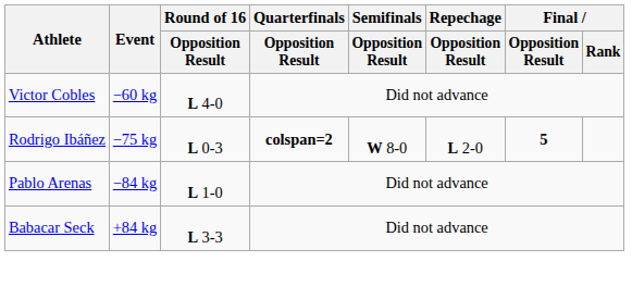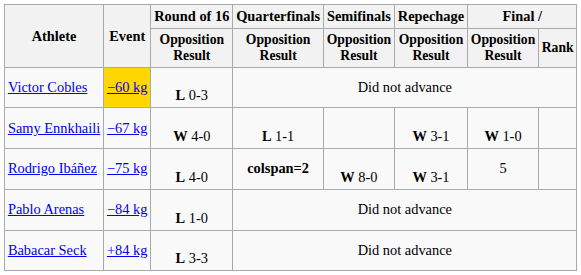 <table class="wikitable" style="font-size:90%">
 <tr>
 <th rowspan="2">Athlete</th>
 <th rowspan="2">Event</th>
 <th>Round of 16</th>
 <th>Quarterfinals</th>
 <th>Semifinals</th>
 <th>Repechage</th>
 <th colspan=2>Final / </th>
 </tr>
 <tr style="font-size:95%">
 <th>Opposition<br>Result</th>
 <th>Opposition<br>Result</th>
 <th>Opposition<br>Result</th>
 <th>Opposition<br>Result</th>
 <th>Opposition<br>Result</th>
 <th>Rank</th>
 </tr>
 <tr align=center>
 <td align=left><a href='#'>Victor Cobles</a></td>
-<td align=left><a href='#'>−60 kg</a></td>
-<td><br><strong>L</strong> 4-0</td>
+<td align=left style="background: gold;"><a href='#'>−60 kg</a></td>
+<td><br><strong>L</strong> 0-3</td>
 <td colspan=5>Did not advance</td>
+</tr>
+<tr align=center>
+<td align=left><a href='#'>Samy Ennkhaili</a></td>
+<td align=left><a href='#'>−67 kg</a></td>
+<td><br><strong>W</strong> 4-0</td>
+<td><br><strong>L</strong> 1-1</td>
+<td></td>
+<td><br><strong>W</strong> 3-1</td>
+<td><br><strong>W</strong> 1-0</td>
+<td></td>
 </tr>
 <tr align=center>
 <td align=left><a href='#'>Rodrigo Ibáñez</a></td>
 <td align=left><a href='#'>−75 kg</a></td>
-<td><br><strong>L</strong> 0-3</td>
+<td><br><strong>L</strong> 4-0</td>
 <td><strong>colspan=2 </strong></td>
 <td><br><strong>W</strong> 8-0</td>
-<td><br><strong>L</strong> 2-0</td>
-<td><strong>5</strong></td>
+<td><br><strong>W</strong> 3-1</td>
+<td>5</td>
 </tr>
 <tr align=center>
 <td align=left><a href='#'>Pablo Arenas</a></td>
 <td align=left><a href='#'>−84 kg</a></td>
 <td><br><strong>L</strong> 1-0</td>
 <td colspan=5>Did not advance</td>
 </tr>
 <tr align=center>
 <td align=left><a href='#'>Babacar Seck</a></td>
 <td align=left><a href='#'>+84 kg</a></td>
 <td><br><strong>L</strong> 3-3</td>
 <td colspan=5>Did not advance</td>
 </tr>
 </table>
